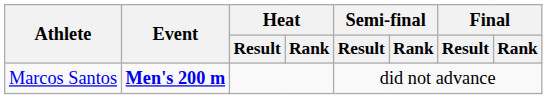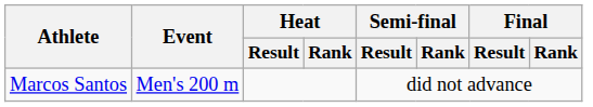 <table class=wikitable style=font-size:90%>
 <tr>
 <th rowspan=2>Athlete</th>
 <th rowspan=2>Event</th>
 <th colspan=2>Heat</th>
 <th colspan=2>Semi-final</th>
 <th colspan=2>Final</th>
 </tr>
 <tr style=font-size:95%>
 <th>Result</th>
 <th>Rank</th>
 <th>Result</th>
 <th>Rank</th>
 <th>Result</th>
 <th>Rank</th>
 </tr>
 <tr align=center>
 <td align=left><a href='#'>Marcos Santos</a></td>
-<td align=left><strong><a href='#'>Men's 200 m</a></strong></td>
+<td align=left><a href='#'>Men's 200 m</a></td>
 <td colspan=2></td>
 <td colspan=4>did not advance</td>
 </tr>
 </table>
